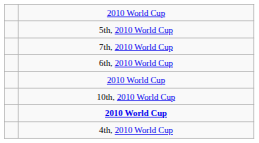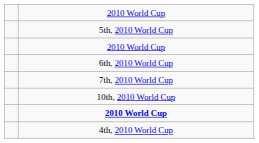 <table class="wikitable" width=30%>
 <tr align=center>
 <td></td>
 <td><small> <a href='#'>2010 World Cup</a></small></td>
 </tr>
 <tr align=center>
 <td></td>
 <td><small>5th, <a href='#'>2010 World Cup</a></small></td>
 </tr>
 <tr align=center>
 <td></td>
-<td><small>7th, <a href='#'>2010 World Cup</a></small></td>
+<td><small> <a href='#'>2010 World Cup</a></small></td>
 </tr>
 <tr align=center>
 <td></td>
 <td><small>6th, <a href='#'>2010 World Cup</a></small></td>
 </tr>
 <tr align=center>
 <td></td>
-<td><small> <a href='#'>2010 World Cup</a></small></td>
+<td><small>7th, <a href='#'>2010 World Cup</a></small></td>
 </tr>
 <tr align=center>
 <td></td>
 <td><small>10th, <a href='#'>2010 World Cup</a></small></td>
 </tr>
 <tr align=center>
 <td></td>
 <td><strong><small> <a href='#'>2010 World Cup</a></small></strong></td>
 </tr>
 <tr align=center>
 <td></td>
 <td><small>4th, <a href='#'>2010 World Cup</a></small></td>
 </tr>
 </table>
